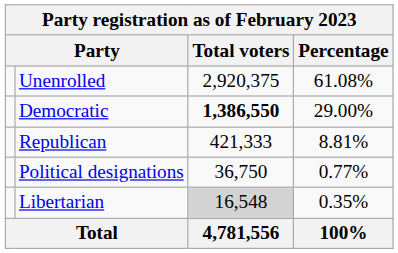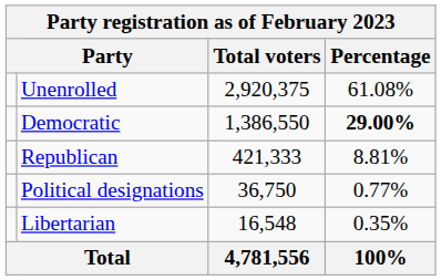 <table class=wikitable style="float:right">
 <tr>
 <th colspan = 6>Party registration as of February 2023</th>
 </tr>
 <tr>
 <th colspan = 2>Party</th>
 <th>Total voters</th>
 <th>Percentage</th>
 </tr>
 <tr>
 <td></td>
 <td><a href='#'>Unenrolled</a></td>
 <td align=center>2,920,375</td>
 <td align=center>61.08%</td>
 </tr>
 <tr>
 <td></td>
 <td><a href='#'>Democratic</a></td>
-<td align=center><strong>1,386,550</strong></td>
-<td align=center>29.00%</td>
+<td align=center>1,386,550</td>
+<td align=center><strong>29.00%</strong></td>
 </tr>
 <tr>
 <td></td>
 <td><a href='#'>Republican</a></td>
 <td align=center>421,333</td>
 <td align=center>8.81%</td>
 </tr>
 <tr>
 <td></td>
 <td><a href='#'>Political designations</a></td>
 <td align=center>36,750</td>
 <td align=center>0.77%</td>
 </tr>
 <tr>
 <td></td>
 <td><a href='#'>Libertarian</a></td>
-<td align=center style="background: lightgrey;">16,548</td>
+<td align=center>16,548</td>
 <td align=center>0.35%</td>
 </tr>
 <tr>
 <th colspan = 2>Total</th>
 <th align=center>4,781,556</th>
 <th align=center>100%</th>
 </tr>
 </table>
